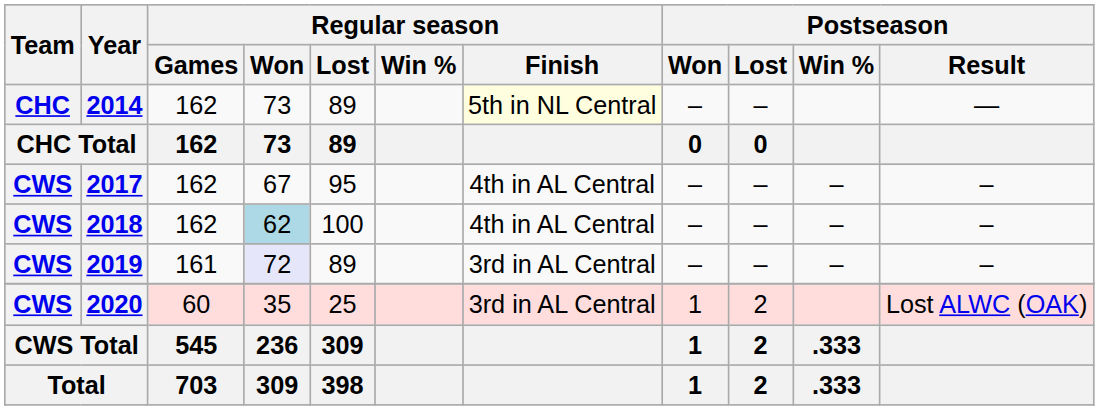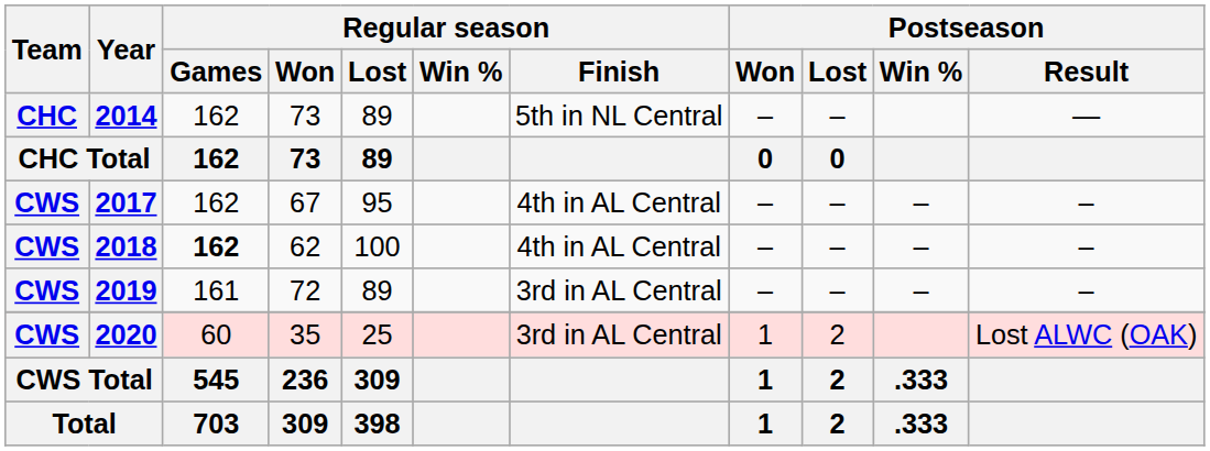 <table class="wikitable" style="font-size: 95%; text-align:center;">
 <tr>
 <th rowspan="2">Team</th>
 <th rowspan="2">Year</th>
 <th colspan="5">Regular season</th>
 <th colspan="4">Postseason</th>
 </tr>
 <tr>
 <th>Games</th>
 <th>Won</th>
 <th>Lost</th>
 <th>Win %</th>
 <th>Finish</th>
 <th>Won</th>
 <th>Lost</th>
 <th>Win %</th>
 <th>Result</th>
 </tr>
 <tr>
 <th><a href='#'>CHC</a></th>
 <th><a href='#'>2014</a></th>
 <td>162</td>
 <td>73</td>
 <td>89</td>
 <td></td>
-<td style="background: lightyellow;">5th in NL Central</td>
+<td>5th in NL Central</td>
 <td>–</td>
 <td>–</td>
 <td></td>
 <td>—</td>
 </tr>
 <tr>
 <th colspan="2">CHC Total</th>
 <th>162</th>
 <th>73</th>
 <th>89</th>
 <th></th>
 <th></th>
 <th>0</th>
 <th>0</th>
 <th></th>
 <th></th>
 </tr>
 <tr>
 <th><a href='#'>CWS</a></th>
 <th><a href='#'>2017</a></th>
 <td>162</td>
 <td>67</td>
 <td>95</td>
 <td></td>
 <td>4th in AL Central</td>
 <td>–</td>
 <td>–</td>
 <td>–</td>
 <td>–</td>
 </tr>
 <tr>
 <th><a href='#'>CWS</a></th>
 <th><a href='#'>2018</a></th>
-<td>162</td>
-<td style="background: lightblue;">62</td>
+<td><strong>162</strong></td>
+<td>62</td>
 <td>100</td>
 <td></td>
 <td>4th in AL Central</td>
 <td>–</td>
 <td>–</td>
 <td>–</td>
 <td>–</td>
 </tr>
 <tr>
 <th><a href='#'>CWS</a></th>
 <th><a href='#'>2019</a></th>
 <td>161</td>
-<td style="background: lavender;">72</td>
+<td>72</td>
 <td>89</td>
 <td></td>
 <td>3rd in AL Central</td>
 <td>–</td>
 <td>–</td>
 <td>–</td>
 <td>–</td>
 </tr>
 <tr>
 </tr>
 <tr ! style="background:#fdd;">
 <th><a href='#'>CWS</a></th>
 <th><a href='#'>2020</a></th>
 <td>60</td>
 <td>35</td>
 <td>25</td>
 <td></td>
 <td>3rd in AL Central</td>
 <td>1</td>
 <td>2</td>
 <td></td>
 <td>Lost <a href='#'>ALWC</a> (<a href='#'>OAK</a>)</td>
 </tr>
 <tr>
 <th colspan="2">CWS Total</th>
 <th>545</th>
 <th>236</th>
 <th>309</th>
 <th></th>
 <th></th>
 <th>1</th>
 <th>2</th>
 <th>.333</th>
 <th></th>
 </tr>
 <tr>
 <th colspan="2">Total</th>
 <th>703</th>
 <th>309</th>
 <th>398</th>
 <th></th>
 <th></th>
 <th>1</th>
 <th>2</th>
 <th>.333</th>
 <th></th>
 </tr>
 </table>
